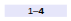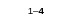 <table style="text-align:center">
 <tr>
 <th width=223></th>
 <th width=100></th>
 <th width=223></th>
 </tr>
 <tr>
 <td align=right><small><span></span></small> </td>
-<td style="background: lavender;">1–<strong>4</strong></td>
+<td>1–<strong>4</strong></td>
 <td align=left><strong></strong><small><span></span></small></td>
 </tr>
 </table>
